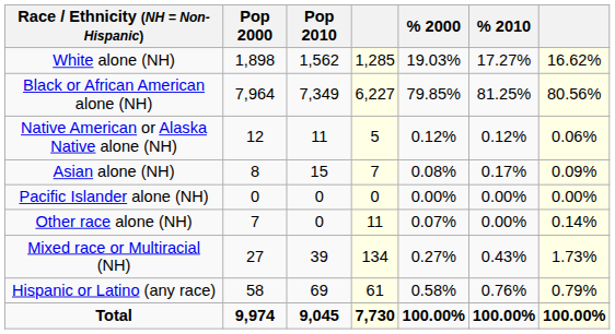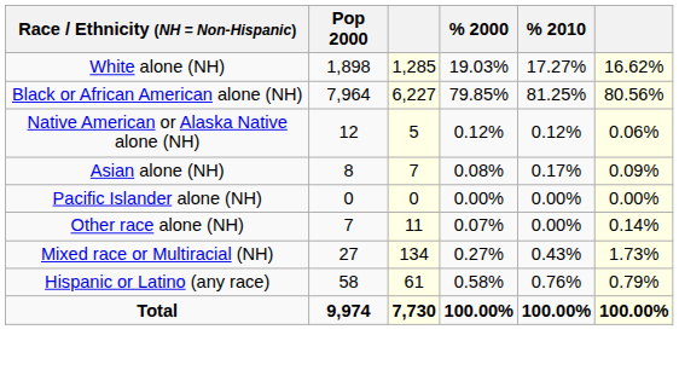 <table class="wikitable" style="text-align:center;">
 <tr>
 <th>Race / Ethnicity <small>(<em>NH = Non-Hispanic</em>)</small></th>
 <th>Pop 2000</th>
-<th>Pop 2010</th>
 <th></th>
 <th>% 2000</th>
 <th>% 2010</th>
 <th></th>
 </tr>
 <tr>
 <td><a href='#'>White</a> alone (NH)</td>
 <td>1,898</td>
-<td>1,562</td>
 <td style='background: #ffffe6;'>1,285</td>
 <td>19.03%</td>
 <td>17.27%</td>
 <td style='background: #ffffe6;'>16.62%</td>
 </tr>
 <tr>
 <td><a href='#'>Black or African American</a> alone (NH)</td>
 <td>7,964</td>
-<td>7,349</td>
 <td style='background: #ffffe6;'>6,227</td>
 <td>79.85%</td>
 <td>81.25%</td>
 <td style='background: #ffffe6;'>80.56%</td>
 </tr>
 <tr>
 <td><a href='#'>Native American</a> or <a href='#'>Alaska Native</a> alone (NH)</td>
 <td>12</td>
-<td>11</td>
 <td style='background: #ffffe6;'>5</td>
 <td>0.12%</td>
 <td>0.12%</td>
 <td style='background: #ffffe6;'>0.06%</td>
 </tr>
 <tr>
 <td><a href='#'>Asian</a> alone (NH)</td>
 <td>8</td>
-<td>15</td>
 <td style='background: #ffffe6;'>7</td>
 <td>0.08%</td>
 <td>0.17%</td>
 <td style='background: #ffffe6;'>0.09%</td>
 </tr>
 <tr>
 <td><a href='#'>Pacific Islander</a> alone (NH)</td>
-<td>0</td>
 <td>0</td>
 <td style='background: #ffffe6;'>0</td>
 <td>0.00%</td>
 <td>0.00%</td>
 <td style='background: #ffffe6;'>0.00%</td>
 </tr>
 <tr>
 <td><a href='#'>Other race</a> alone (NH)</td>
 <td>7</td>
-<td>0</td>
 <td style='background: #ffffe6;'>11</td>
 <td>0.07%</td>
 <td>0.00%</td>
 <td style='background: #ffffe6;'>0.14%</td>
 </tr>
 <tr>
 <td><a href='#'>Mixed race or Multiracial</a> (NH)</td>
 <td>27</td>
-<td>39</td>
 <td style='background: #ffffe6;'>134</td>
 <td>0.27%</td>
 <td>0.43%</td>
 <td style='background: #ffffe6;'>1.73%</td>
 </tr>
 <tr>
 <td><a href='#'>Hispanic or Latino</a> (any race)</td>
 <td>58</td>
-<td>69</td>
 <td style='background: #ffffe6;'>61</td>
 <td>0.58%</td>
 <td>0.76%</td>
 <td style='background: #ffffe6;'>0.79%</td>
 </tr>
 <tr>
 <td><strong>Total</strong></td>
 <td><strong>9,974</strong></td>
-<td><strong>9,045</strong></td>
 <td style='background: #ffffe6;'><strong>7,730</strong></td>
 <td><strong>100.00%</strong></td>
 <td><strong>100.00%</strong></td>
 <td style='background: #ffffe6;'><strong>100.00%</strong></td>
 </tr>
 </table>
